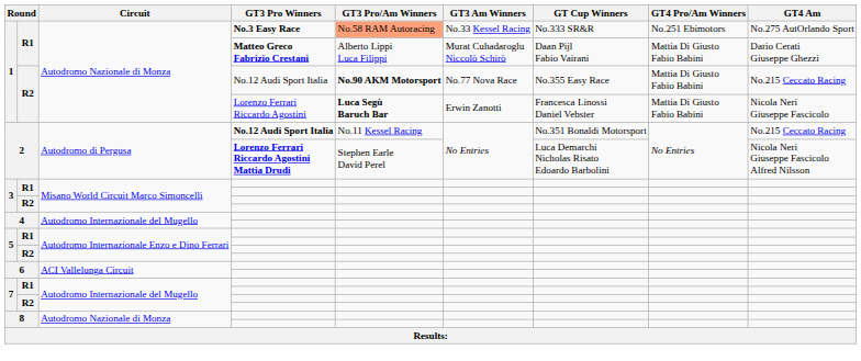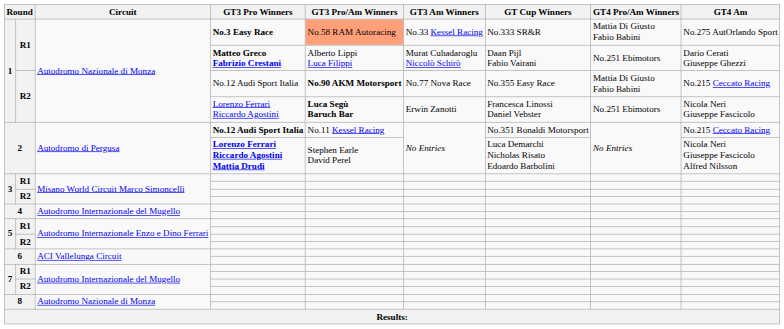 <table class="wikitable" style="font-size:85%;">
 <tr>
 <th colspan=2>Round</th>
 <th>Circuit</th>
 <th>GT3 Pro Winners</th>
 <th>GT3 Pro/Am Winners</th>
 <th>GT3 Am Winners</th>
 <th>GT Cup Winners</th>
 <th>GT4 Pro/Am Winners</th>
 <th>GT4 Am</th>
 </tr>
 <tr>
 <th rowspan=4>1</th>
 <th rowspan=2>R1</th>
 <td rowspan=4><a href='#'>Autodromo Nazionale di Monza</a></td>
 <td> <strong>No.3 Easy Race</strong></td>
 <td style="background: lightsalmon;"> No.58 RAM Autoracing</td>
 <td> No.33 <a href='#'>Kessel Racing</a></td>
 <td> No.333 SR&R</td>
-<td> No.251 Ebimotors</td>
+<td> Mattia Di Giusto<br> Fabio Babini</td>
 <td> No.275 AutOrlando Sport</td>
 </tr>
 <tr>
 <td> <strong>Matteo Greco</strong><br> <strong><a href='#'>Fabrizio Crestani</a></strong></td>
 <td> Alberto Lippi<br> <a href='#'>Luca Filippi</a></td>
 <td> Murat Cuhadaroglu<br> <a href='#'>Niccolò Schirò</a></td>
 <td> Daan Pijl<br> Fabio Vairani</td>
-<td> Mattia Di Giusto<br> Fabio Babini</td>
+<td> No.251 Ebimotors</td>
 <td> Dario Cerati<br> Giuseppe Ghezzi</td>
 </tr>
 <tr>
 <th rowspan=2>R2</th>
 <td> No.12 Audi Sport Italia</td>
 <td> <strong>No.90 AKM Motorsport</strong></td>
 <td> No.77 Nova Race</td>
 <td> No.355 Easy Race</td>
 <td> Mattia Di Giusto<br> Fabio Babini</td>
 <td> No.215 <a href='#'>Ceccato Racing</a></td>
 </tr>
 <tr>
 <td> <a href='#'>Lorenzo Ferrari</a><br> <a href='#'>Riccardo Agostini</a></td>
 <td> <strong>Luca Segù</strong><br> <strong>Baruch Bar</strong></td>
 <td> Erwin Zanotti</td>
 <td> Francesca Linossi<br> Daniel Vebster</td>
-<td> Mattia Di Giusto<br> Fabio Babini</td>
+<td> No.251 Ebimotors</td>
 <td> Nicola Neri<br> Giuseppe Fascicolo</td>
 </tr>
 <tr>
 <th colspan=2 rowspan=2>2</th>
 <td rowspan=2><a href='#'>Autodromo di Pergusa</a></td>
 <td> <strong>No.12 Audi Sport Italia</strong></td>
 <td> No.11 <a href='#'>Kessel Racing</a></td>
 <td rowspan=2><em>No Entries</em></td>
 <td> No.351 Bonaldi Motorsport</td>
 <td rowspan=2><em>No Entries</em></td>
 <td> No.215 <a href='#'>Ceccato Racing</a></td>
 </tr>
 <tr>
 <td> <strong><a href='#'>Lorenzo Ferrari</a></strong><br> <strong><a href='#'>Riccardo Agostini</a></strong><br> <strong><a href='#'>Mattia Drudi</a></strong></td>
 <td> Stephen Earle<br> David Perel</td>
 <td> Luca Demarchi<br> Nicholas Risato<br> Edoardo Barbolini</td>
 <td> Nicola Neri<br> Giuseppe Fascicolo<br> Alfred Nilsson</td>
 </tr>
 <tr>
 <th rowspan=4>3</th>
 <th rowspan=2>R1</th>
 <td rowspan=4><a href='#'>Misano World Circuit Marco Simoncelli</a></td>
 <td></td>
 <td></td>
 <td></td>
 <td></td>
 <td></td>
 <td></td>
 </tr>
 <tr>
 <td></td>
 <td></td>
 <td></td>
 <td></td>
 <td></td>
 <td></td>
 </tr>
 <tr>
 <th rowspan=2>R2</th>
 <td></td>
 <td></td>
 <td></td>
 <td></td>
 <td></td>
 <td></td>
 </tr>
 <tr>
 <td></td>
 <td></td>
 <td></td>
 <td></td>
 <td></td>
 <td></td>
 </tr>
 <tr>
 <th colspan=2 rowspan=2>4</th>
 <td rowspan=2><a href='#'>Autodromo Internazionale del Mugello</a></td>
 <td></td>
 <td></td>
 <td></td>
 <td></td>
 <td></td>
 <td></td>
 </tr>
 <tr>
 <td></td>
 <td></td>
 <td></td>
 <td></td>
 <td></td>
 <td></td>
 </tr>
 <tr>
 <th rowspan=4>5</th>
 <th rowspan=2>R1</th>
 <td rowspan=4><a href='#'>Autodromo Internazionale Enzo e Dino Ferrari</a></td>
 <td></td>
 <td></td>
 <td></td>
 <td></td>
 <td></td>
 <td></td>
 </tr>
 <tr>
 <td></td>
 <td></td>
 <td></td>
 <td></td>
 <td></td>
 <td></td>
 </tr>
 <tr>
 <th rowspan=2>R2</th>
 <td></td>
 <td></td>
 <td></td>
 <td></td>
 <td></td>
 <td></td>
 </tr>
 <tr>
 <td></td>
 <td></td>
 <td></td>
 <td></td>
 <td></td>
 <td></td>
 </tr>
 <tr>
 <th colspan=2 rowspan=2>6</th>
 <td rowspan=2><a href='#'>ACI Vallelunga Circuit</a></td>
 <td></td>
 <td></td>
 <td></td>
 <td></td>
 <td></td>
 <td></td>
 </tr>
 <tr>
 <td></td>
 <td></td>
 <td></td>
 <td></td>
 <td></td>
 <td></td>
 </tr>
 <tr>
 <th rowspan=4>7</th>
 <th rowspan=2>R1</th>
 <td rowspan=4><a href='#'>Autodromo Internazionale del Mugello</a></td>
 <td></td>
 <td></td>
 <td></td>
 <td></td>
 <td></td>
 <td></td>
 </tr>
 <tr>
 <td></td>
 <td></td>
 <td></td>
 <td></td>
 <td></td>
 <td></td>
 </tr>
 <tr>
 <th rowspan=2>R2</th>
 <td></td>
 <td></td>
 <td></td>
 <td></td>
 <td></td>
 <td></td>
 </tr>
 <tr>
 <td></td>
 <td></td>
 <td></td>
 <td></td>
 <td></td>
 <td></td>
 </tr>
 <tr>
 <th colspan=2 rowspan=2>8</th>
 <td rowspan=2><a href='#'>Autodromo Nazionale di Monza</a></td>
 <td></td>
 <td></td>
 <td></td>
 <td></td>
 <td></td>
 <td></td>
 </tr>
 <tr>
 <td></td>
 <td></td>
 <td></td>
 <td></td>
 <td></td>
 <td></td>
 </tr>
 <tr>
 <th colspan=9>Results:</th>
 </tr>
 </table>
